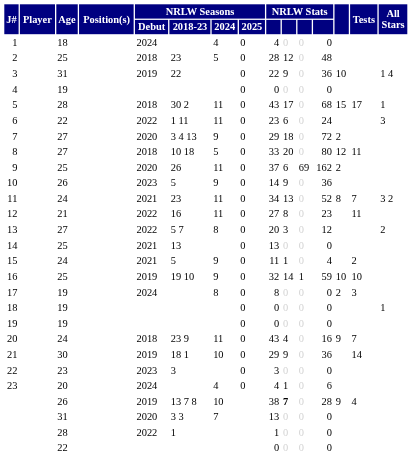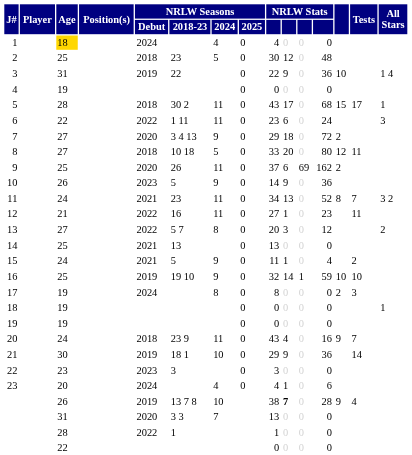 <table class="sortable" border="0" cellspacing="2" cellpadding="2" style="width:100%;" style="text-align:center;">
 <tr style="background:navy; color:white">
 <th rowspan=2>J#</th>
 <th rowspan=2>Player</th>
 <th rowspan=2>Age</th>
 <th rowspan=2>Position(s)</th>
 <th colspan=4>NRLW Seasons</th>
 <th colspan=4>NRLW Stats</th>
 <th rowspan=2 class="unsortable"></th>
 <th rowspan=2 class="unsortable">Tests</th>
 <th rowspan=2 class="unsortable">All <br> Stars</th>
 </tr>
 <tr style="background:navy; color:white">
 <th class="unsortable">Debut</th>
 <th class="unsortable">2018-23</th>
 <th class="unsortable">2024</th>
 <th class="unsortable">2025</th>
 <th></th>
 <th></th>
 <th class="unsortable"></th>
 <th></th>
 </tr>
 <tr>
 <td align=right>1</td>
 <td align=left></td>
-<td>18</td>
+<td style="background: gold;">18</td>
 <td></td>
 <td>2024</td>
 <td></td>
 <td align=left> 4</td>
 <td align=left> 0</td>
 <td align=right>4</td>
 <td style="color:lightgray">0</td>
 <td style="color:lightgray">0</td>
 <td align=right>0</td>
 <td></td>
 <td></td>
 <td></td>
 </tr>
 <tr>
 <td align=right>2</td>
 <td align=left></td>
 <td>25</td>
 <td></td>
 <td>2018</td>
 <td align=left> 23</td>
 <td align=left> 5</td>
 <td align=left> 0</td>
-<td align=right>28</td>
+<td align=right>30</td>
 <td>12</td>
 <td style="color:lightgray">0</td>
 <td align=right>48</td>
 <td></td>
 <td></td>
 <td></td>
 </tr>
 <tr>
 <td align=right>3</td>
 <td align=left></td>
 <td>31</td>
 <td></td>
 <td>2019</td>
 <td align=left> 22</td>
 <td align=left> </td>
 <td align=left> 0</td>
 <td align=right>22</td>
 <td>9</td>
 <td style="color:lightgray">0</td>
 <td align=right>36</td>
 <td align=left> 10</td>
 <td></td>
 <td align=left> 1  4</td>
 </tr>
 <tr>
 <td align=right>4</td>
 <td align=left></td>
 <td>19</td>
 <td></td>
 <td></td>
 <td></td>
 <td align=left> </td>
 <td align=left> 0</td>
 <td align=right>0</td>
 <td style="color:lightgray">0</td>
 <td style="color:lightgray">0</td>
 <td align=right>0</td>
 <td></td>
 <td></td>
 <td></td>
 </tr>
 <tr>
 <td align=right>5</td>
 <td align=left></td>
 <td>28</td>
 <td></td>
 <td>2018</td>
 <td align=left> 30  2</td>
 <td align=left> 11</td>
 <td align=left> 0</td>
 <td align=right>43</td>
 <td>17</td>
 <td style="color:lightgray">0</td>
 <td align=right>68</td>
 <td align=left> 15</td>
 <td align=left> 17</td>
 <td align=left> 1</td>
 </tr>
 <tr>
 <td align=right>6</td>
 <td align=left></td>
 <td>22</td>
 <td></td>
 <td>2022</td>
 <td align=left> 1  11</td>
 <td align=left> 11</td>
 <td align=left> 0</td>
 <td align=right>23</td>
 <td>6</td>
 <td style="color:lightgray">0</td>
 <td align=right>24</td>
 <td></td>
 <td></td>
 <td align=left> 3</td>
 </tr>
 <tr>
 <td align=right>7</td>
 <td align=left></td>
 <td>27</td>
 <td></td>
 <td>2020</td>
 <td align=left> 3  4  13</td>
 <td align=left> 9</td>
 <td align=left> 0</td>
 <td align=right>29</td>
 <td>18</td>
 <td style="color:lightgray">0</td>
 <td align=right>72</td>
 <td align=left> 2</td>
 <td></td>
 <td></td>
 </tr>
 <tr>
 <td align=right>8</td>
 <td align=left></td>
 <td>27</td>
 <td></td>
 <td>2018</td>
 <td align=left> 10  18</td>
 <td align=left> 5</td>
 <td align=left> 0</td>
 <td align=right>33</td>
 <td>20</td>
 <td style="color:lightgray">0</td>
 <td align=right>80</td>
 <td align=left> 12</td>
 <td align=left> 11</td>
 <td></td>
 </tr>
 <tr>
 <td align=right>9</td>
 <td align=left></td>
 <td>25</td>
 <td></td>
 <td>2020</td>
 <td align=left> 26</td>
 <td align=left> 11</td>
 <td align=left> 0</td>
 <td align=right>37</td>
 <td>6</td>
 <td>69</td>
 <td align=right>162</td>
 <td align=left> 2</td>
 <td></td>
 <td></td>
 </tr>
 <tr>
 <td align=right>10</td>
 <td align=left></td>
 <td>26</td>
 <td></td>
 <td>2023</td>
 <td align=left> 5</td>
 <td align=left> 9</td>
 <td align=left> 0</td>
 <td align=right>14</td>
 <td>9</td>
 <td style="color:lightgray">0</td>
 <td align=right>36</td>
 <td></td>
 <td></td>
 <td></td>
 </tr>
 <tr>
 <td align=right>11</td>
 <td align=left></td>
 <td>24</td>
 <td></td>
 <td>2021</td>
 <td align=left> 23</td>
 <td align=left> 11</td>
 <td align=left> 0</td>
 <td align=right>34</td>
 <td>13</td>
 <td style="color:lightgray">0</td>
 <td align=right>52</td>
 <td align=left> 8</td>
 <td align=left> 7</td>
 <td align=left> 3  2</td>
 </tr>
 <tr>
 <td align=right>12</td>
 <td align=left></td>
 <td>21</td>
 <td></td>
 <td>2022</td>
 <td align=left> 16</td>
 <td align=left> 11</td>
 <td align=left> 0</td>
 <td align=right>27</td>
-<td>8</td>
+<td>1</td>
 <td style="color:lightgray">0</td>
 <td align=right>23</td>
 <td></td>
 <td align=left> 11</td>
 <td></td>
 </tr>
 <tr>
 <td align=right>13</td>
 <td align=left></td>
 <td>27</td>
 <td></td>
 <td>2022</td>
 <td align=left> 5  7</td>
 <td align=left> 8</td>
 <td align=left> 0</td>
 <td align=right>20</td>
 <td>3</td>
 <td style="color:lightgray">0</td>
 <td align=right>12</td>
 <td></td>
 <td></td>
 <td align=left> 2</td>
 </tr>
 <tr>
 <td align=right>14</td>
 <td align=left></td>
 <td>25</td>
 <td></td>
 <td>2021</td>
 <td align=left> 13</td>
 <td align=left> </td>
 <td align=left> 0</td>
 <td align=right>13</td>
 <td style="color:lightgray">0</td>
 <td style="color:lightgray">0</td>
 <td align=right>0</td>
 <td></td>
 <td></td>
 <td></td>
 </tr>
 <tr>
 <td align=right>15</td>
 <td align=left></td>
 <td>24</td>
 <td></td>
 <td>2021</td>
 <td align=left> 5</td>
 <td align=left> 9</td>
 <td align=left> 0</td>
 <td align=right>11</td>
 <td>1</td>
 <td style="color:lightgray">0</td>
 <td align=right>4</td>
 <td></td>
 <td align=left> 2</td>
 <td></td>
 </tr>
 <tr>
 <td align=right>16</td>
 <td align=left></td>
 <td>25</td>
 <td></td>
 <td>2019</td>
 <td align=left> 19  10</td>
 <td align=left> 9</td>
 <td align=left> 0</td>
 <td align=right>32</td>
 <td>14</td>
 <td>1</td>
 <td align=right>59</td>
 <td align=left> 10</td>
 <td align=left> 10</td>
 <td></td>
 </tr>
 <tr>
 <td align=right>17</td>
 <td align=left></td>
 <td>19</td>
 <td></td>
 <td>2024</td>
 <td></td>
 <td align=left> 8</td>
 <td align=left> 0</td>
 <td align=right>8</td>
 <td style="color:lightgray">0</td>
 <td style="color:lightgray">0</td>
 <td align=right>0</td>
 <td align=left> 2</td>
 <td align=left> 3</td>
 <td></td>
 </tr>
 <tr>
 <td align=right>18</td>
 <td align=left></td>
 <td>19</td>
 <td></td>
 <td></td>
 <td></td>
 <td align=left> </td>
 <td align=left> 0</td>
 <td align=right>0</td>
 <td style="color:lightgray">0</td>
 <td style="color:lightgray">0</td>
 <td align=right>0</td>
 <td></td>
 <td></td>
 <td align=left> 1</td>
 </tr>
 <tr>
 <td align=right>19</td>
 <td align=left></td>
 <td>19</td>
 <td></td>
 <td></td>
 <td></td>
 <td align=left> </td>
 <td align=left> 0</td>
 <td align=right>0</td>
 <td style="color:lightgray">0</td>
 <td style="color:lightgray">0</td>
 <td align=right>0</td>
 <td></td>
 <td></td>
 <td></td>
 </tr>
 <tr>
 <td align=right>20</td>
 <td align=left></td>
 <td>24</td>
 <td></td>
 <td>2018</td>
 <td align=left> 23  9</td>
 <td align=left> 11</td>
 <td align=left> 0</td>
 <td align=right>43</td>
 <td>4</td>
 <td style="color:lightgray">0</td>
 <td align=right>16</td>
 <td align=left> 9</td>
 <td align=left> 7</td>
 <td></td>
 </tr>
 <tr>
 <td align=right>21</td>
 <td align=left></td>
 <td>30</td>
 <td></td>
 <td>2019</td>
 <td align=left> 18  1</td>
 <td align=left> 10</td>
 <td align=left> 0</td>
 <td align=right>29</td>
 <td>9</td>
 <td style="color:lightgray">0</td>
 <td align=right>36</td>
 <td></td>
 <td align=left> 14</td>
 <td></td>
 </tr>
 <tr>
 <td align=right>22</td>
 <td align=left></td>
 <td>23</td>
 <td></td>
 <td>2023</td>
 <td align=left> 3</td>
 <td align=left> </td>
 <td align=left> 0</td>
 <td align=right>3</td>
 <td style="color:lightgray">0</td>
 <td style="color:lightgray">0</td>
 <td align=right>0</td>
 <td></td>
 <td></td>
 <td></td>
 </tr>
 <tr>
 <td align=right>23</td>
 <td align=left></td>
 <td>20</td>
 <td></td>
 <td>2024</td>
 <td></td>
 <td align=left> 4</td>
 <td align=left> 0</td>
 <td align=right>4</td>
 <td>1</td>
 <td style="color:lightgray">0</td>
 <td align=right>6</td>
 <td></td>
 <td></td>
 <td></td>
 </tr>
 <tr>
 <td align=right></td>
 <td align=left></td>
 <td>26</td>
 <td></td>
 <td>2019</td>
 <td align=left> 13  7  8</td>
 <td align=left> 10</td>
 <td></td>
 <td align=right>38</td>
 <td><strong>7</strong></td>
 <td style="color:lightgray">0</td>
 <td align=right>28</td>
 <td align=left> 9</td>
 <td align=left> 4</td>
 <td></td>
 </tr>
 <tr>
 <td align=right></td>
 <td align=left></td>
 <td>31</td>
 <td></td>
 <td>2020</td>
 <td align=left> 3  3</td>
 <td align=left> 7</td>
 <td></td>
 <td align=right>13</td>
 <td style="color:lightgray">0</td>
 <td style="color:lightgray">0</td>
 <td align=right>0</td>
 <td></td>
 <td></td>
 <td></td>
 </tr>
 <tr>
 <td align=right></td>
 <td align=left></td>
 <td>28</td>
 <td></td>
 <td>2022</td>
 <td align=left> 1</td>
 <td align=left> </td>
 <td></td>
 <td align=right>1</td>
 <td style="color:lightgray">0</td>
 <td style="color:lightgray">0</td>
 <td align=right>0</td>
 <td></td>
 <td></td>
 <td></td>
 </tr>
 <tr>
 <td align=right></td>
 <td align=left></td>
 <td>22</td>
 <td></td>
 <td></td>
 <td></td>
 <td align=left> </td>
 <td></td>
 <td align=right>0</td>
 <td style="color:lightgray">0</td>
 <td style="color:lightgray">0</td>
 <td align=right>0</td>
 <td></td>
 <td></td>
 <td></td>
 </tr>
 </table>
